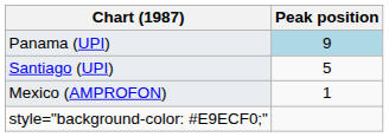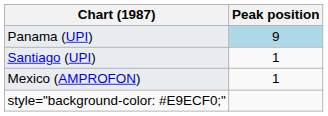 <table class="wikitable">
 <tr>
 <th>Chart (1987)</th>
 <th>Peak position</th>
 </tr>
 <tr>
 <td style="background-color: #E9ECF0;">Panama (<a href='#'>UPI</a>)</td>
 <td align="center" style="background: lightblue;">9</td>
 </tr>
 <tr>
 <td style="background-color: #E9ECF0;"><a href='#'>Santiago</a> (<a href='#'>UPI</a>)</td>
-<td align="center">5</td>
+<td align="center">1</td>
 </tr>
 <tr>
 <td style="background-color: #E9ECF0;">Mexico (<a href='#'>AMPROFON</a>)</td>
 <td align="center">1</td>
 </tr>
 <tr>
 <td>style="background-color: #E9ECF0;"</td>
 </tr>
 </table>
